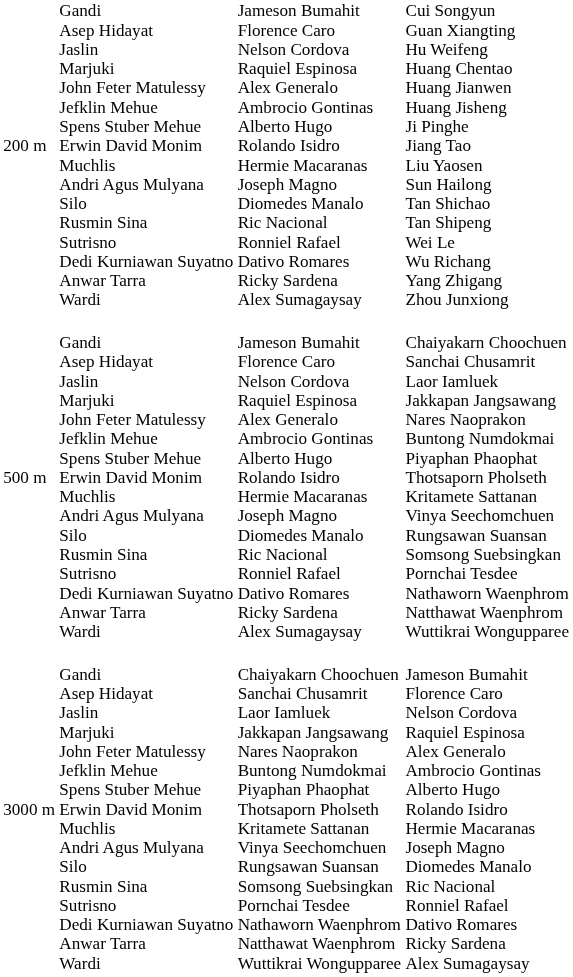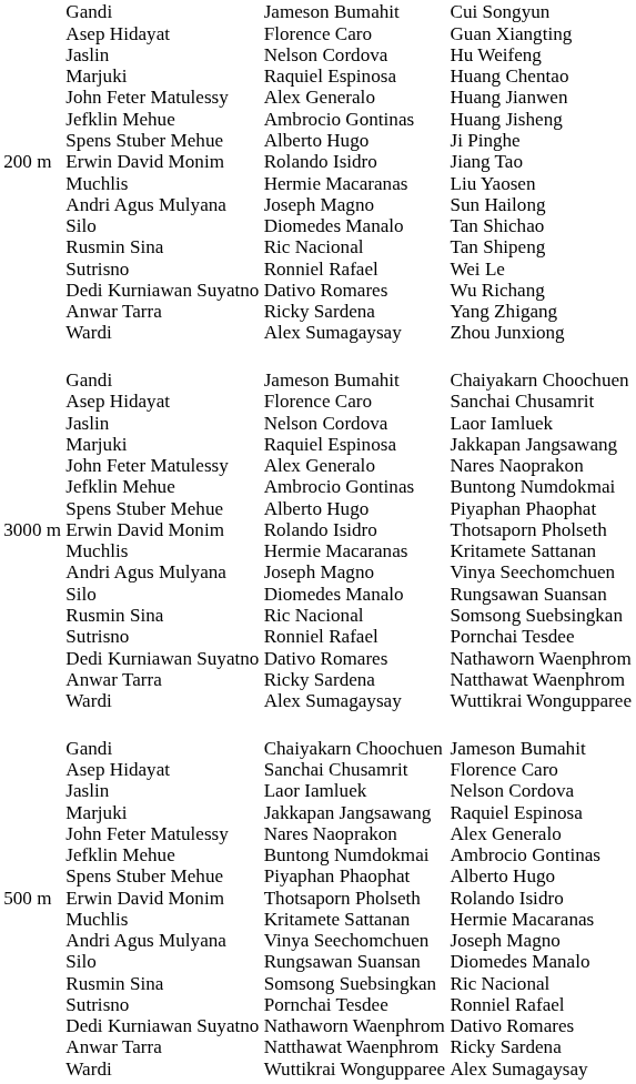 <table>
 <tr>
 <td>200 m</td>
 <td><br>Gandi<br>Asep Hidayat<br>Jaslin<br>Marjuki<br>John Feter Matulessy<br>Jefklin Mehue<br>Spens Stuber Mehue<br>Erwin David Monim<br>Muchlis<br>Andri Agus Mulyana<br>Silo<br>Rusmin Sina<br>Sutrisno<br>Dedi Kurniawan Suyatno<br>Anwar Tarra<br>Wardi</td>
 <td><br>Jameson Bumahit<br>Florence Caro<br>Nelson Cordova<br>Raquiel Espinosa<br>Alex Generalo<br>Ambrocio Gontinas<br>Alberto Hugo<br>Rolando Isidro<br>Hermie Macaranas<br>Joseph Magno<br>Diomedes Manalo<br>Ric Nacional<br>Ronniel Rafael<br>Dativo Romares<br>Ricky Sardena<br>Alex Sumagaysay</td>
 <td><br>Cui Songyun<br>Guan Xiangting<br>Hu Weifeng<br>Huang Chentao<br>Huang Jianwen<br>Huang Jisheng<br>Ji Pinghe<br>Jiang Tao<br>Liu Yaosen<br>Sun Hailong<br>Tan Shichao<br>Tan Shipeng<br>Wei Le<br>Wu Richang<br>Yang Zhigang<br>Zhou Junxiong</td>
 </tr>
 <tr>
-<td>500 m</td>
+<td>3000 m</td>
 <td><br>Gandi<br>Asep Hidayat<br>Jaslin<br>Marjuki<br>John Feter Matulessy<br>Jefklin Mehue<br>Spens Stuber Mehue<br>Erwin David Monim<br>Muchlis<br>Andri Agus Mulyana<br>Silo<br>Rusmin Sina<br>Sutrisno<br>Dedi Kurniawan Suyatno<br>Anwar Tarra<br>Wardi</td>
 <td><br>Jameson Bumahit<br>Florence Caro<br>Nelson Cordova<br>Raquiel Espinosa<br>Alex Generalo<br>Ambrocio Gontinas<br>Alberto Hugo<br>Rolando Isidro<br>Hermie Macaranas<br>Joseph Magno<br>Diomedes Manalo<br>Ric Nacional<br>Ronniel Rafael<br>Dativo Romares<br>Ricky Sardena<br>Alex Sumagaysay</td>
 <td><br>Chaiyakarn Choochuen<br>Sanchai Chusamrit<br>Laor Iamluek<br>Jakkapan Jangsawang<br>Nares Naoprakon<br>Buntong Numdokmai<br>Piyaphan Phaophat<br>Thotsaporn Pholseth<br>Kritamete Sattanan<br>Vinya Seechomchuen<br>Rungsawan Suansan<br>Somsong Suebsingkan<br>Pornchai Tesdee<br>Nathaworn Waenphrom<br>Natthawat Waenphrom<br>Wuttikrai Wongupparee</td>
 </tr>
 <tr>
-<td>3000 m</td>
+<td>500 m</td>
 <td><br>Gandi<br>Asep Hidayat<br>Jaslin<br>Marjuki<br>John Feter Matulessy<br>Jefklin Mehue<br>Spens Stuber Mehue<br>Erwin David Monim<br>Muchlis<br>Andri Agus Mulyana<br>Silo<br>Rusmin Sina<br>Sutrisno<br>Dedi Kurniawan Suyatno<br>Anwar Tarra<br>Wardi</td>
 <td><br>Chaiyakarn Choochuen<br>Sanchai Chusamrit<br>Laor Iamluek<br>Jakkapan Jangsawang<br>Nares Naoprakon<br>Buntong Numdokmai<br>Piyaphan Phaophat<br>Thotsaporn Pholseth<br>Kritamete Sattanan<br>Vinya Seechomchuen<br>Rungsawan Suansan<br>Somsong Suebsingkan<br>Pornchai Tesdee<br>Nathaworn Waenphrom<br>Natthawat Waenphrom<br>Wuttikrai Wongupparee</td>
 <td><br>Jameson Bumahit<br>Florence Caro<br>Nelson Cordova<br>Raquiel Espinosa<br>Alex Generalo<br>Ambrocio Gontinas<br>Alberto Hugo<br>Rolando Isidro<br>Hermie Macaranas<br>Joseph Magno<br>Diomedes Manalo<br>Ric Nacional<br>Ronniel Rafael<br>Dativo Romares<br>Ricky Sardena<br>Alex Sumagaysay</td>
 </tr>
 </table>
